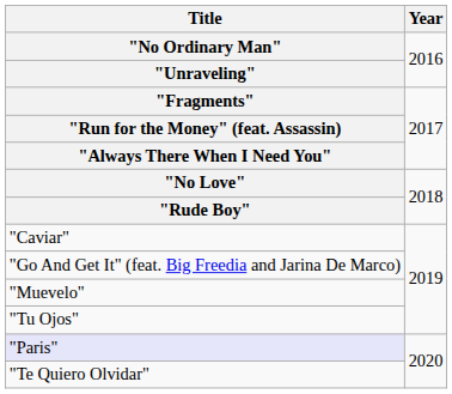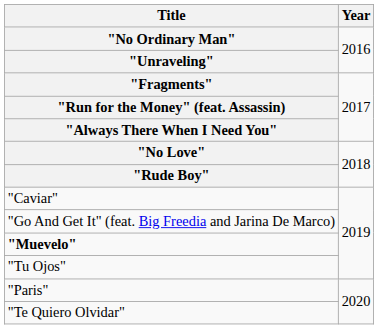 <table class="wikitable plainrowheaders">
 <tr>
 <th scope="col">Title</th>
 <th scope="col">Year</th>
 </tr>
 <tr>
 <th scope="row">"No Ordinary Man"</th>
 <td rowspan="2">2016</td>
 </tr>
 <tr>
 <th scope="row">"Unraveling"</th>
 </tr>
 <tr>
 <th scope="row">"Fragments"</th>
 <td rowspan="3">2017</td>
 </tr>
 <tr>
 <th scope="row">"Run for the Money" (feat. Assassin)</th>
 </tr>
 <tr>
 <th scope="row">"Always There When I Need You"</th>
 </tr>
 <tr>
 <th scope="row">"No Love"</th>
 <td rowspan="2">2018</td>
 </tr>
 <tr>
 <th scope="row">"Rude Boy"</th>
 </tr>
 <tr>
 <td>"Caviar"</td>
 <td rowspan="4">2019</td>
 </tr>
 <tr>
 <td>"Go And Get It" (feat. <a href='#'>Big Freedia</a> and Jarina De Marco)</td>
 </tr>
 <tr>
-<td>"Muevelo"</td>
+<td><strong>"Muevelo"</strong></td>
 </tr>
 <tr>
 <td>"Tu Ojos"</td>
 </tr>
 <tr>
-<td style="background: lavender;">"Paris"</td>
+<td>"Paris"</td>
 <td rowspan="2">2020</td>
 </tr>
 <tr>
 <td>"Te Quiero Olvidar"</td>
 </tr>
 </table>
